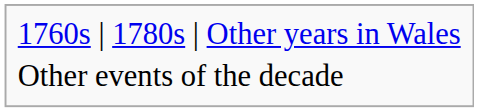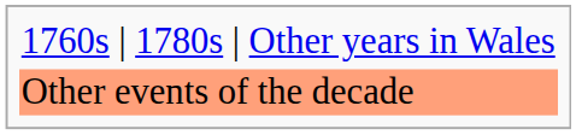 <table class="infobox" id="toc">
 <tr>
 <td align="left"><a href='#'>1760s</a> | <a href='#'>1780s</a> | <a href='#'>Other years in Wales</a></td>
 </tr>
 <tr>
-<td>Other events of the decade</td>
+<td style="background: lightsalmon;">Other events of the decade</td>
 </tr>
 </table>
